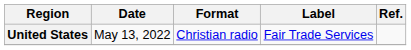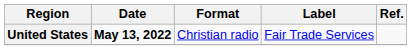 <table class="wikitable plainrowheaders">
 <tr>
 <th scope="col">Region</th>
 <th scope="col">Date</th>
 <th scope="col">Format</th>
 <th scope="col">Label</th>
 <th scope="col">Ref.</th>
 </tr>
 <tr>
 <th scope="row">United States</th>
-<td>May 13, 2022</td>
+<td><strong>May 13, 2022</strong></td>
 <td><a href='#'>Christian radio</a></td>
 <td><a href='#'>Fair Trade Services</a></td>
 <td></td>
 </tr>
 <tr>
 </tr>
 </table>
